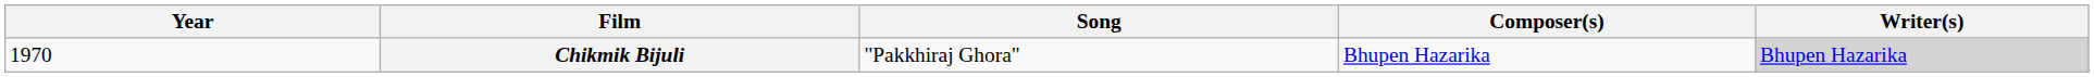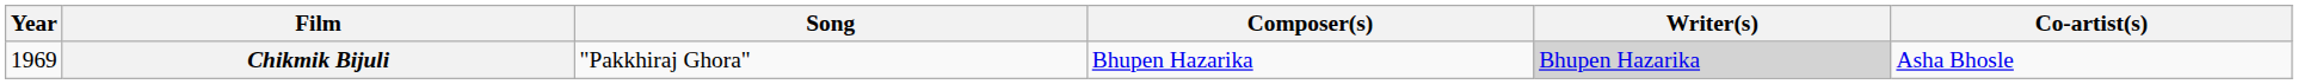 <table class="wikitable plainrowheaders" width="100%" textcolor:#000;">
 <tr style="background:#b0e0e66;">
 <th><strong>Year</strong></th>
 <th scope="col" width=23%><strong>Film</strong></th>
 <th scope="col" width=23%><strong>Song</strong></th>
 <th scope="col" width=20%><strong>Composer(s)</strong></th>
 <th scope="col" width=16%><strong>Writer(s)</strong></th>
+<th scope="col" width=18%><strong>Co-artist(s)</strong></th>
 </tr>
 <tr>
-<td>1970</td>
+<td>1969</td>
 <th><em>Chikmik Bijuli</em></th>
 <td>"Pakkhiraj Ghora"</td>
 <td><a href='#'>Bhupen Hazarika</a></td>
 <td style="background: lightgrey;"><a href='#'>Bhupen Hazarika</a></td>
+<td><a href='#'>Asha Bhosle</a></td>
 </tr>
 </table>
